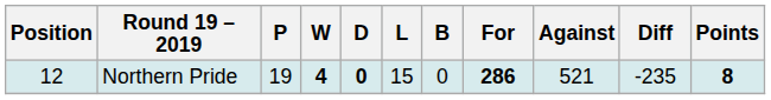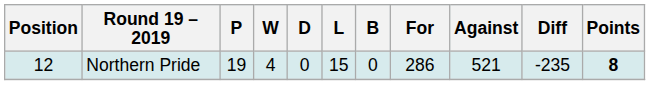 <table class="wikitable" style="text-align:center; font-size:85%;">
 <tr style="background: #d7ebed;">
 <th width="40" abbr="Position">Position</th>
 <th width="100">Round 19 – 2019</th>
 <th width="20" abbr="Played">P</th>
 <th width="20" abbr="Won">W</th>
 <th width="20" abbr="Drawn">D</th>
 <th width="20" abbr="Lost">L</th>
 <th width="20" abbr="Bye">B</th>
 <th width="40" abbr="Points for">For</th>
 <th width="40" abbr="Points against">Against</th>
 <th width="40" abbr="Points difference">Diff</th>
 <th width="40" abbr="Points">Points</th>
 </tr>
 <tr style="background: #d7ebed;">
 <td>12</td>
 <td style="text-align:left;"> Northern Pride</td>
 <td>19</td>
-<td><strong>4</strong></td>
-<td><strong>0</strong></td>
+<td>4</td>
+<td>0</td>
 <td>15</td>
 <td>0</td>
-<td><strong>286</strong></td>
+<td>286</td>
 <td>521</td>
 <td>-235</td>
 <td><strong>8</strong></td>
 </tr>
 <tr>
 </tr>
 </table>
